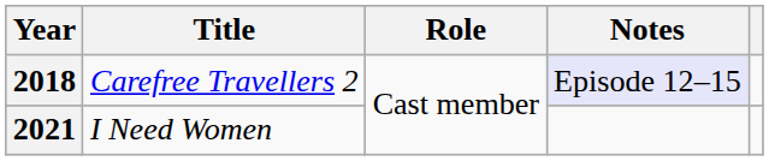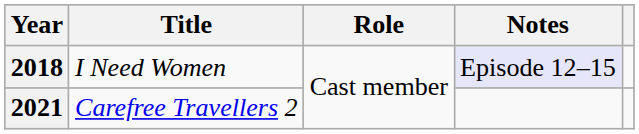 <table class="wikitable plainrowheaders sortable">
 <tr>
 <th scope="col">Year</th>
 <th scope="col">Title</th>
 <th scope="col">Role</th>
 <th scope="col">Notes</th>
 <th scope="col" class="unsortable"></th>
 </tr>
 <tr>
 <th scope="row">2018</th>
-<td><em><a href='#'>Carefree Travellers</a> 2</em></td>
+<td><em>I Need Women</em></td>
 <td rowspan="2">Cast member</td>
 <td style="background: lavender;">Episode 12–15</td>
 <td style="text-align:center"></td>
 </tr>
 <tr>
 <th scope="row">2021</th>
-<td><em>I Need Women</em></td>
+<td><em><a href='#'>Carefree Travellers</a> 2</em></td>
 <td></td>
 <td style="text-align:center"></td>
 </tr>
 </table>
